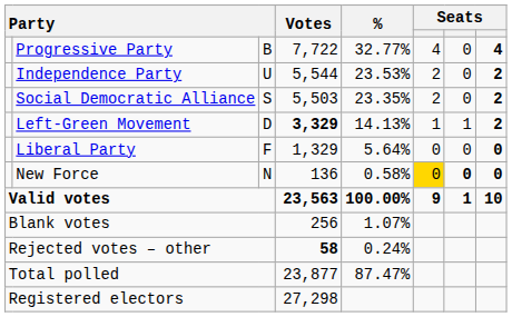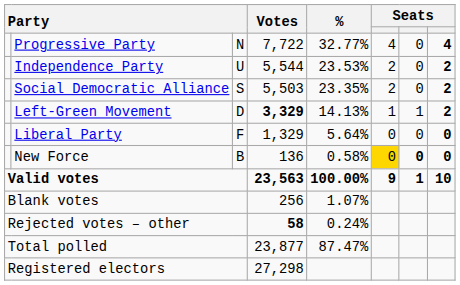 <table class="wikitable" border="1" style="text-align:right;">
 <tr>
 <th style="text-align:left;" valign=bottom rowspan=2 colspan=3>Party</th>
 <th align=center valign=bottom rowspan=2 width="50">Votes</th>
 <th align=center valign=bottom rowspan=2 width="50">%</th>
 <th colspan=3>Seats</th>
 </tr>
 <tr>
 <th align=center valign=bottom width="20"><small></small></th>
 <th align=center valign=bottom width="20"><small><a href='#'></a></small></th>
 <th align=center valign=bottom width="20"><small></small></th>
 </tr>
 <tr>
 <td></td>
 <td align=left><a href='#'>Progressive Party</a></td>
-<td align=left>B</td>
+<td align=left>N</td>
 <td>7,722</td>
 <td>32.77%</td>
 <td>4</td>
 <td>0</td>
 <td><strong>4</strong></td>
 </tr>
 <tr>
 <td></td>
 <td align=left><a href='#'>Independence Party</a></td>
 <td align=left>U</td>
 <td>5,544</td>
 <td>23.53%</td>
 <td>2</td>
 <td>0</td>
 <td><strong>2</strong></td>
 </tr>
 <tr>
 <td></td>
 <td align=left style="white-space: nowrap;"><a href='#'>Social Democratic Alliance</a></td>
 <td align=left>S</td>
 <td>5,503</td>
 <td>23.35%</td>
 <td>2</td>
 <td>0</td>
 <td><strong>2</strong></td>
 </tr>
 <tr>
 <td></td>
 <td align=left><a href='#'>Left-Green Movement</a></td>
 <td align=left>D</td>
 <td><strong>3,329</strong></td>
 <td>14.13%</td>
 <td>1</td>
 <td>1</td>
 <td><strong>2</strong></td>
 </tr>
 <tr>
 <td></td>
 <td align=left><a href='#'>Liberal Party</a></td>
 <td align=left>F</td>
 <td>1,329</td>
 <td>5.64%</td>
 <td>0</td>
 <td>0</td>
 <td><strong>0</strong></td>
 </tr>
 <tr>
 <td></td>
 <td align=left>New Force</td>
-<td align=left>N</td>
+<td align=left>B</td>
 <td>136</td>
 <td>0.58%</td>
 <td style="background: gold;">0</td>
 <td><strong>0</strong></td>
 <td><strong>0</strong></td>
 </tr>
 <tr style="font-weight:bold">
 <td align=left colspan=3>Valid votes</td>
 <td>23,563</td>
 <td>100.00%</td>
 <td>9</td>
 <td>1</td>
 <td>10</td>
 </tr>
 <tr>
 <td align=left colspan=3>Blank votes</td>
 <td>256</td>
 <td>1.07%</td>
 <td></td>
 <td></td>
 <td></td>
 </tr>
 <tr>
 <td align=left colspan=3>Rejected votes – other</td>
 <td><strong>58</strong></td>
 <td>0.24%</td>
 <td></td>
 <td></td>
 <td></td>
 </tr>
 <tr>
 <td align=left colspan=3>Total polled</td>
 <td>23,877</td>
 <td>87.47%</td>
 <td></td>
 <td></td>
 <td></td>
 </tr>
 <tr>
 <td align=left colspan=3>Registered electors</td>
 <td>27,298</td>
 <td></td>
 <td></td>
 <td></td>
 <td></td>
 </tr>
 </table>
